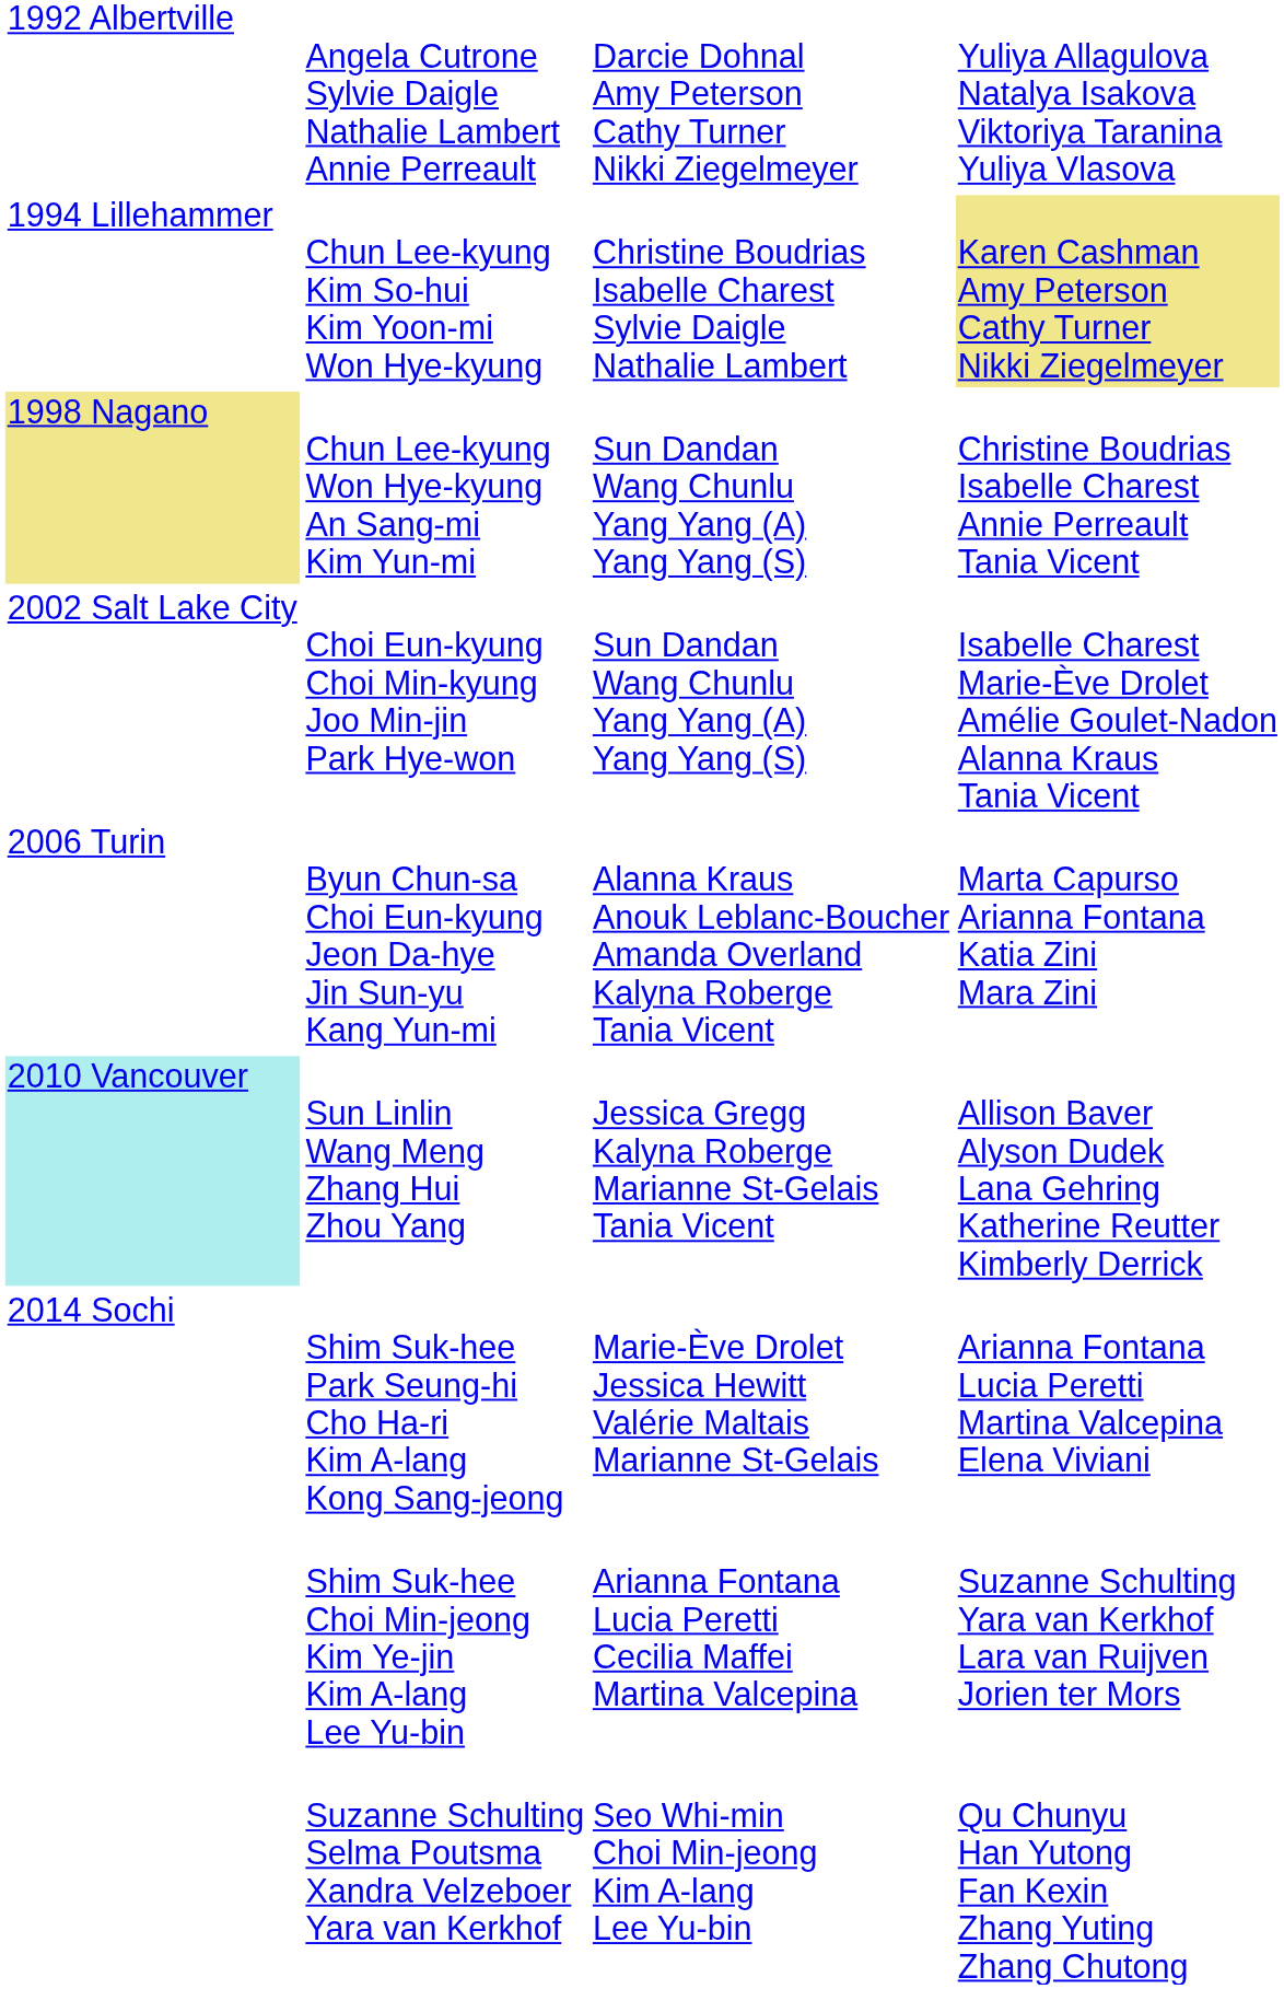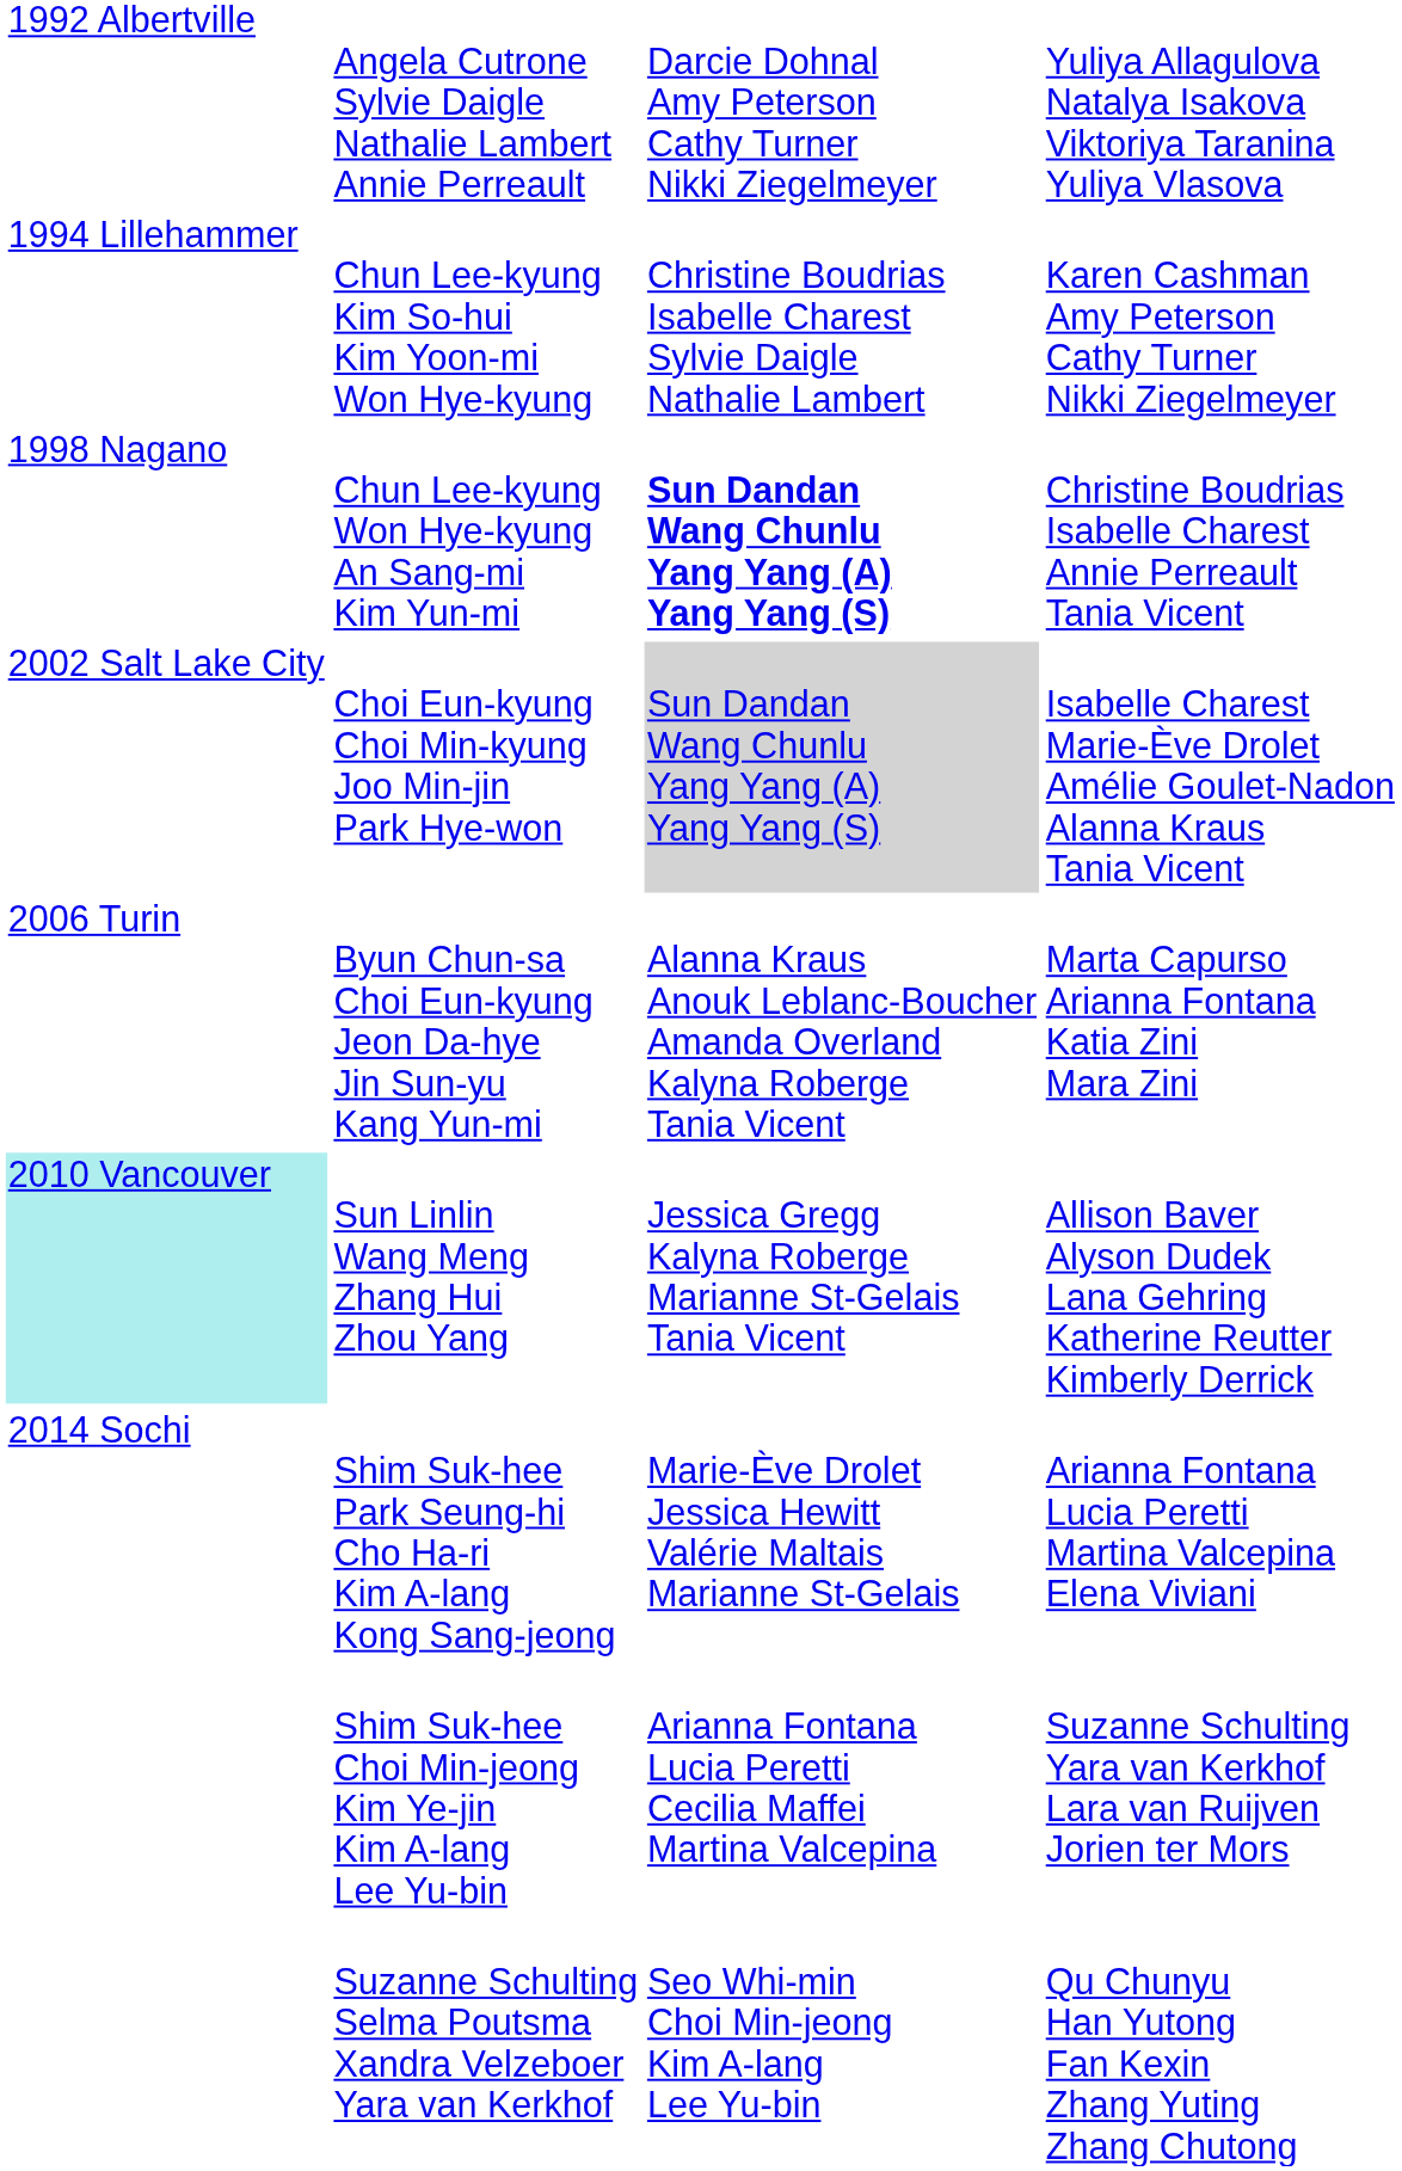 <table>
 <tr valign="top">
 <td><a href='#'>1992 Albertville</a><br></td>
 <td><br><a href='#'>Angela Cutrone</a><br><a href='#'>Sylvie Daigle</a><br><a href='#'>Nathalie Lambert</a><br><a href='#'>Annie Perreault</a></td>
 <td><br><a href='#'>Darcie Dohnal</a><br><a href='#'>Amy Peterson</a><br><a href='#'>Cathy Turner</a><br><a href='#'>Nikki Ziegelmeyer</a></td>
 <td><br><a href='#'>Yuliya Allagulova</a><br><a href='#'>Natalya Isakova</a><br><a href='#'>Viktoriya Taranina</a><br><a href='#'>Yuliya Vlasova</a></td>
 </tr>
 <tr valign="top">
 <td><a href='#'>1994 Lillehammer</a><br></td>
 <td><br><a href='#'>Chun Lee-kyung</a><br><a href='#'>Kim So-hui</a><br><a href='#'>Kim Yoon-mi</a><br><a href='#'>Won Hye-kyung</a></td>
 <td><br><a href='#'>Christine Boudrias</a><br><a href='#'>Isabelle Charest</a><br><a href='#'>Sylvie Daigle</a><br><a href='#'>Nathalie Lambert</a></td>
-<td style="background: khaki;"><br><a href='#'>Karen Cashman</a><br><a href='#'>Amy Peterson</a><br><a href='#'>Cathy Turner</a><br><a href='#'>Nikki Ziegelmeyer</a></td>
+<td><br><a href='#'>Karen Cashman</a><br><a href='#'>Amy Peterson</a><br><a href='#'>Cathy Turner</a><br><a href='#'>Nikki Ziegelmeyer</a></td>
 </tr>
 <tr valign="top">
-<td style="background: khaki;"><a href='#'>1998 Nagano</a><br></td>
+<td><a href='#'>1998 Nagano</a><br></td>
 <td><br><a href='#'>Chun Lee-kyung</a><br><a href='#'>Won Hye-kyung</a><br><a href='#'>An Sang-mi</a><br><a href='#'>Kim Yun-mi</a></td>
-<td><br><a href='#'>Sun Dandan</a><br><a href='#'>Wang Chunlu</a><br><a href='#'>Yang Yang (A)</a><br><a href='#'>Yang Yang (S)</a></td>
+<td><strong><br><a href='#'>Sun Dandan</a><br><a href='#'>Wang Chunlu</a><br><a href='#'>Yang Yang (A)</a><br><a href='#'>Yang Yang (S)</a></strong></td>
 <td><br><a href='#'>Christine Boudrias</a><br><a href='#'>Isabelle Charest</a><br><a href='#'>Annie Perreault</a><br><a href='#'>Tania Vicent</a></td>
 </tr>
 <tr valign="top">
 <td><a href='#'>2002 Salt Lake City</a><br></td>
 <td valign=top><br><a href='#'>Choi Eun-kyung</a><br><a href='#'>Choi Min-kyung</a><br><a href='#'>Joo Min-jin</a><br><a href='#'>Park Hye-won</a></td>
-<td valign=top><br><a href='#'>Sun Dandan</a><br><a href='#'>Wang Chunlu</a><br><a href='#'>Yang Yang (A)</a><br><a href='#'>Yang Yang (S)</a></td>
+<td valign=top style="background: lightgrey;"><br><a href='#'>Sun Dandan</a><br><a href='#'>Wang Chunlu</a><br><a href='#'>Yang Yang (A)</a><br><a href='#'>Yang Yang (S)</a></td>
 <td><br><a href='#'>Isabelle Charest</a><br><a href='#'>Marie-Ève Drolet</a><br><a href='#'>Amélie Goulet-Nadon</a><br><a href='#'>Alanna Kraus</a><br><a href='#'>Tania Vicent</a></td>
 </tr>
 <tr valign="top">
 <td><a href='#'>2006 Turin</a><br></td>
 <td><br><a href='#'>Byun Chun-sa</a><br><a href='#'>Choi Eun-kyung</a><br><a href='#'>Jeon Da-hye</a><br><a href='#'>Jin Sun-yu</a><br><a href='#'>Kang Yun-mi</a></td>
 <td><br><a href='#'>Alanna Kraus</a><br><a href='#'>Anouk Leblanc-Boucher</a><br><a href='#'>Amanda Overland</a><br><a href='#'>Kalyna Roberge</a><br><a href='#'>Tania Vicent</a></td>
 <td valign=top><br><a href='#'>Marta Capurso</a><br><a href='#'>Arianna Fontana</a><br><a href='#'>Katia Zini</a><br><a href='#'>Mara Zini</a></td>
 </tr>
 <tr valign="top">
 <td style="background: paleturquoise;"><a href='#'>2010 Vancouver</a><br></td>
 <td><br><a href='#'>Sun Linlin</a><br><a href='#'>Wang Meng</a><br><a href='#'>Zhang Hui</a><br><a href='#'>Zhou Yang</a><br> </td>
 <td><br><a href='#'>Jessica Gregg</a><br><a href='#'>Kalyna Roberge</a><br><a href='#'>Marianne St-Gelais</a><br><a href='#'>Tania Vicent</a><br> </td>
 <td><br><a href='#'>Allison Baver</a><br><a href='#'>Alyson Dudek</a><br><a href='#'>Lana Gehring</a><br><a href='#'>Katherine Reutter</a><br><a href='#'>Kimberly Derrick</a></td>
 </tr>
 <tr valign="top">
 <td><a href='#'>2014 Sochi</a><br></td>
 <td><br><a href='#'>Shim Suk-hee</a><br><a href='#'>Park Seung-hi</a><br><a href='#'>Cho Ha-ri</a><br><a href='#'>Kim A-lang</a><br><a href='#'>Kong Sang-jeong</a></td>
 <td><br><a href='#'>Marie-Ève Drolet</a><br><a href='#'>Jessica Hewitt</a><br><a href='#'>Valérie Maltais</a><br><a href='#'>Marianne St-Gelais</a><br> </td>
 <td><br><a href='#'>Arianna Fontana</a><br><a href='#'>Lucia Peretti</a><br><a href='#'>Martina Valcepina</a><br><a href='#'>Elena Viviani</a><br> </td>
 </tr>
 <tr valign="top">
 <td><br></td>
 <td> <br> <a href='#'>Shim Suk-hee</a><br><a href='#'>Choi Min-jeong</a><br><a href='#'>Kim Ye-jin</a><br><a href='#'>Kim A-lang</a><br><a href='#'>Lee Yu-bin</a></td>
 <td> <br> <a href='#'>Arianna Fontana</a><br><a href='#'>Lucia Peretti</a><br><a href='#'>Cecilia Maffei</a><br><a href='#'>Martina Valcepina</a></td>
 <td> <br> <a href='#'>Suzanne Schulting</a><br><a href='#'>Yara van Kerkhof</a><br><a href='#'>Lara van Ruijven</a><br><a href='#'>Jorien ter Mors</a></td>
 </tr>
 <tr valign="top">
 <td><br></td>
 <td><br><a href='#'>Suzanne Schulting</a><br><a href='#'>Selma Poutsma</a><br><a href='#'>Xandra Velzeboer</a><br><a href='#'>Yara van Kerkhof</a></td>
 <td><br><a href='#'>Seo Whi-min</a><br><a href='#'>Choi Min-jeong</a><br><a href='#'>Kim A-lang</a><br><a href='#'>Lee Yu-bin</a></td>
 <td><br><a href='#'>Qu Chunyu</a><br><a href='#'>Han Yutong</a><br><a href='#'>Fan Kexin</a><br><a href='#'>Zhang Yuting</a><br><a href='#'>Zhang Chutong</a></td>
 </tr>
 <tr>
 </tr>
 </table>
